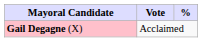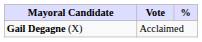 <table class="wikitable">
 <tr>
 <th style="background:#ddf; width:200px;">Mayoral Candidate</th>
 <th style="background:#ddf; width:50px;">Vote</th>
 <th style="background:#ddf; width:30px;">%</th>
 </tr>
 <tr>
-<td style="background: pink;"><strong>Gail Degagne</strong> (X)</td>
+<td><strong>Gail Degagne</strong> (X)</td>
 <td colspan="2">Acclaimed</td>
 </tr>
 </table>
